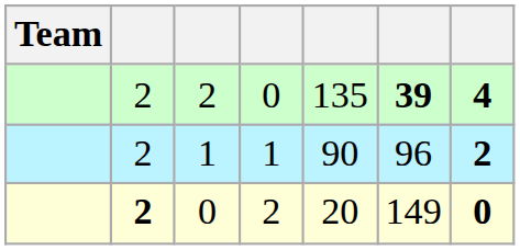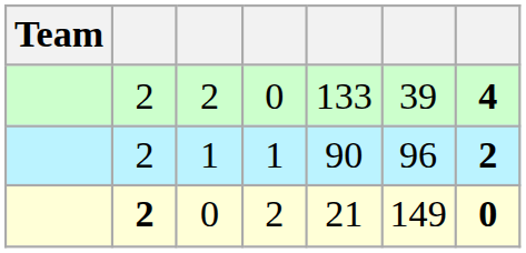 <table class="wikitable" style="text-align:center;">
 <tr>
 <th>Team</th>
 <th width=20></th>
 <th width=20></th>
 <th width=20></th>
 <th width=20></th>
 <th width=20></th>
 <th width=20></th>
 </tr>
 <tr bgcolor="#ccffcc">
 <td align=left></td>
 <td>2</td>
 <td>2</td>
 <td>0</td>
-<td>135</td>
-<td><strong>39</strong></td>
+<td>133</td>
+<td>39</td>
 <td><strong>4</strong></td>
 </tr>
 <tr bgcolor="#BBF3FF">
 <td align=left></td>
 <td>2</td>
 <td>1</td>
 <td>1</td>
 <td>90</td>
 <td>96</td>
 <td><strong>2</strong></td>
 </tr>
 <tr bgcolor="#FFFFD7">
 <td align=left></td>
 <td><strong>2</strong></td>
 <td>0</td>
 <td>2</td>
-<td>20</td>
+<td>21</td>
 <td>149</td>
 <td><strong>0</strong></td>
 </tr>
 </table>
